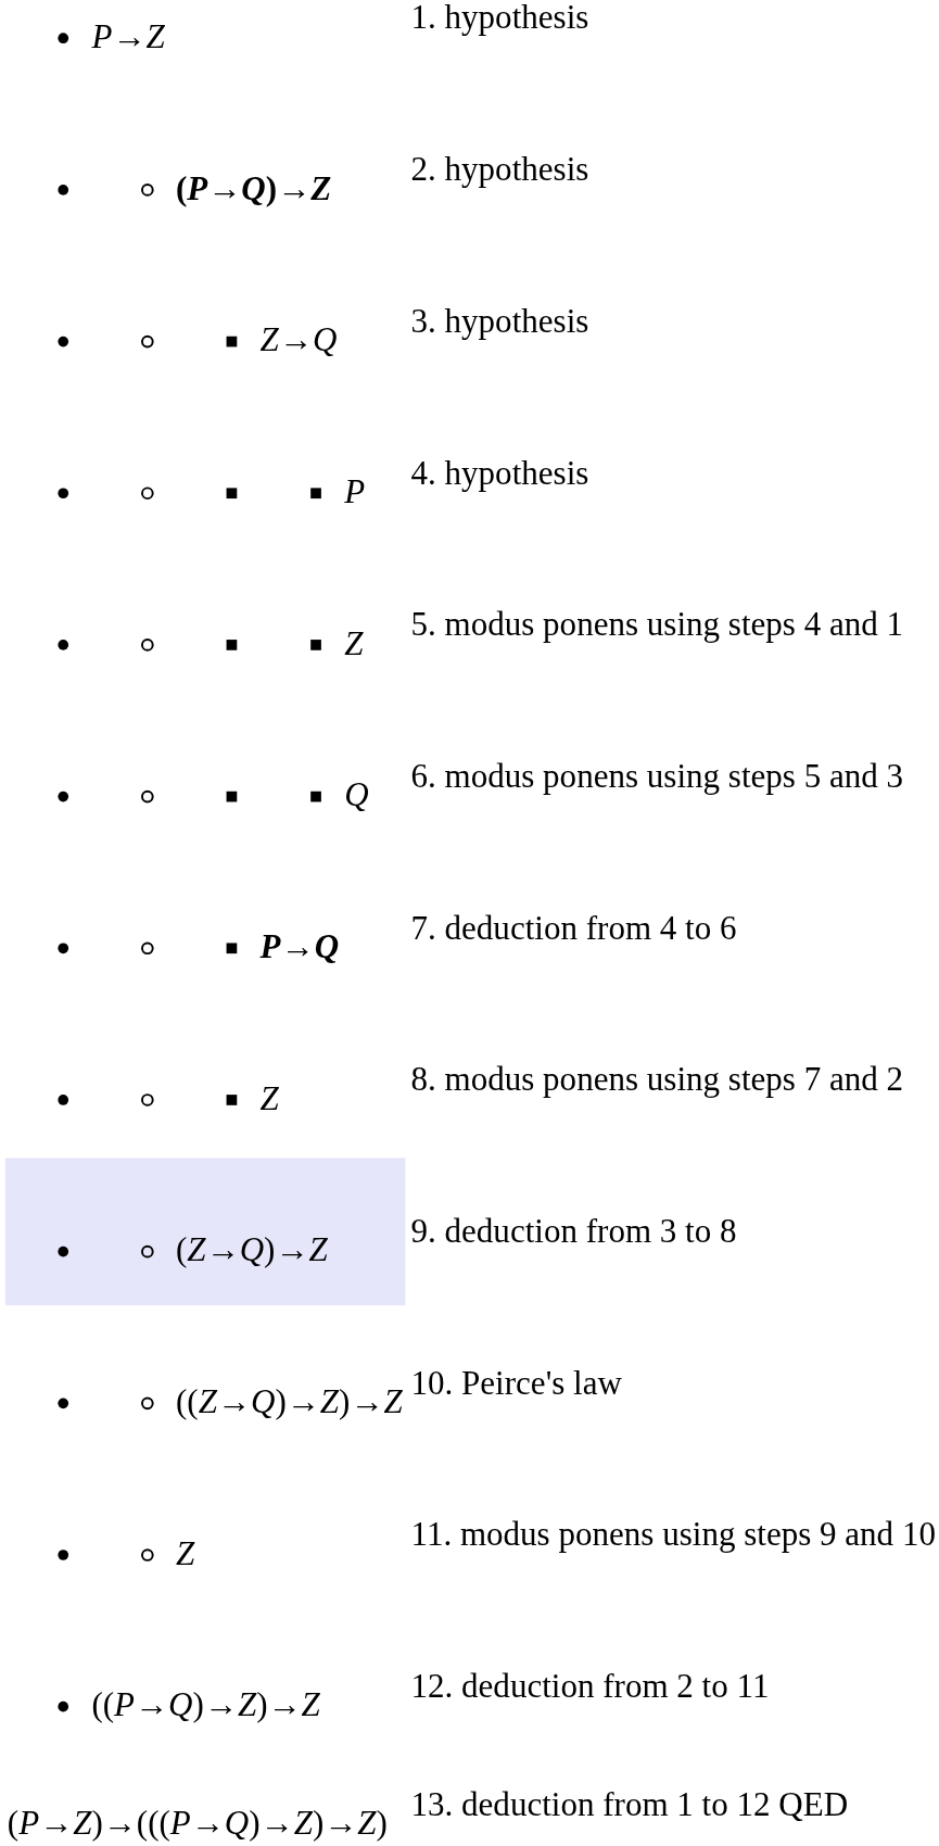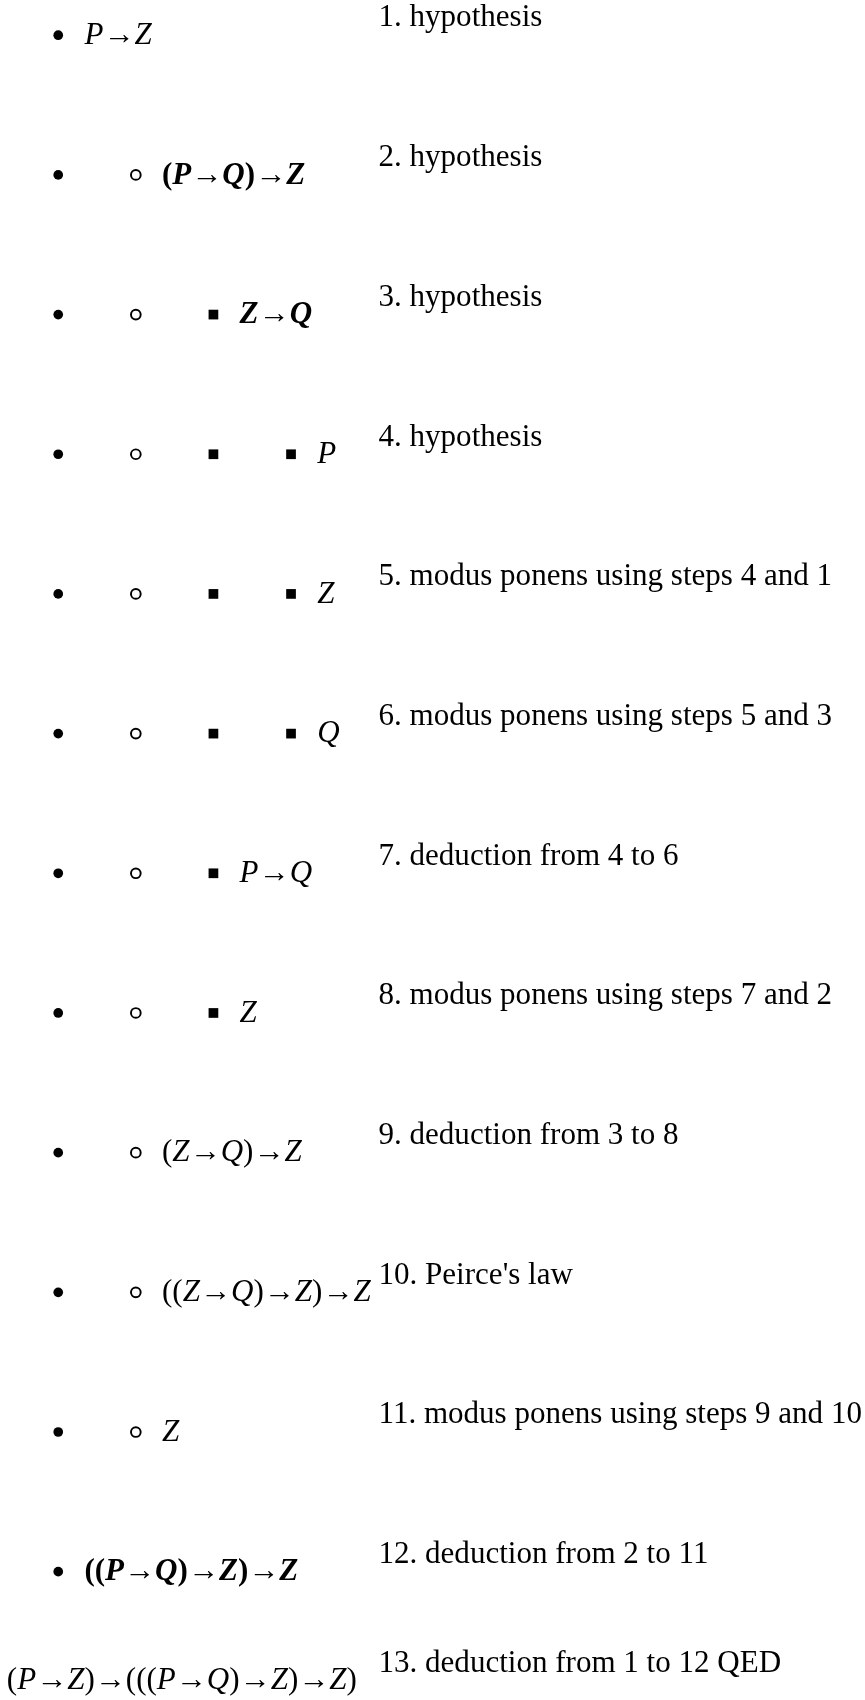 <table>
 <tr>
 <td><br><ul><li><em>P</em>→<em>Z</em></li></ul></td>
 <td>1. hypothesis</td>
 </tr>
 <tr>
 <td><strong><br><ul><li><ul><li>(<em>P</em>→<em>Q</em>)→<em>Z</em></li></ul></li></ul></strong></td>
 <td>2. hypothesis</td>
 </tr>
 <tr>
-<td><br><ul><li><ul><li><ul><li><em>Z</em>→<em>Q</em></li></ul></li></ul></li></ul></td>
+<td><strong><br><ul><li><ul><li><ul><li><em>Z</em>→<em>Q</em></li></ul></li></ul></li></ul></strong></td>
 <td>3. hypothesis</td>
 </tr>
 <tr>
 <td><br><ul><li><ul><li><ul><li><ul><li><em>P</em></li></ul></li></ul></li></ul></li></ul></td>
 <td>4. hypothesis</td>
 </tr>
 <tr>
 <td><br><ul><li><ul><li><ul><li><ul><li><em>Z</em></li></ul></li></ul></li></ul></li></ul></td>
 <td>5. modus ponens using steps 4 and 1</td>
 </tr>
 <tr>
 <td><br><ul><li><ul><li><ul><li><ul><li><em>Q</em></li></ul></li></ul></li></ul></li></ul></td>
 <td>6. modus ponens using steps 5 and 3</td>
 </tr>
 <tr>
-<td><strong><br><ul><li><ul><li><ul><li><em>P</em>→<em>Q</em></li></ul></li></ul></li></ul></strong></td>
+<td><br><ul><li><ul><li><ul><li><em>P</em>→<em>Q</em></li></ul></li></ul></li></ul></td>
 <td>7. deduction from 4 to 6</td>
 </tr>
 <tr>
 <td><br><ul><li><ul><li><ul><li><em>Z</em></li></ul></li></ul></li></ul></td>
 <td>8. modus ponens using steps 7 and 2</td>
 </tr>
 <tr>
-<td style="background: lavender;"><br><ul><li><ul><li>(<em>Z</em>→<em>Q</em>)→<em>Z</em></li></ul></li></ul></td>
+<td><br><ul><li><ul><li>(<em>Z</em>→<em>Q</em>)→<em>Z</em></li></ul></li></ul></td>
 <td>9. deduction from 3 to 8</td>
 </tr>
 <tr>
 <td><br><ul><li><ul><li>((<em>Z</em>→<em>Q</em>)→<em>Z</em>)→<em>Z</em></li></ul></li></ul></td>
 <td>10. Peirce's law</td>
 </tr>
 <tr>
 <td><br><ul><li><ul><li><em>Z</em></li></ul></li></ul></td>
 <td>11. modus ponens using steps 9 and 10</td>
 </tr>
 <tr>
-<td><br><ul><li>((<em>P</em>→<em>Q</em>)→<em>Z</em>)→<em>Z</em></li></ul></td>
+<td><strong><br><ul><li>((<em>P</em>→<em>Q</em>)→<em>Z</em>)→<em>Z</em></li></ul></strong></td>
 <td>12. deduction from 2 to 11</td>
 </tr>
 <tr>
 <td><br>(<em>P</em>→<em>Z</em>)→(((<em>P</em>→<em>Q</em>)→<em>Z</em>)→<em>Z</em>)</td>
 <td>13. deduction from 1 to 12 QED</td>
 </tr>
 </table>
